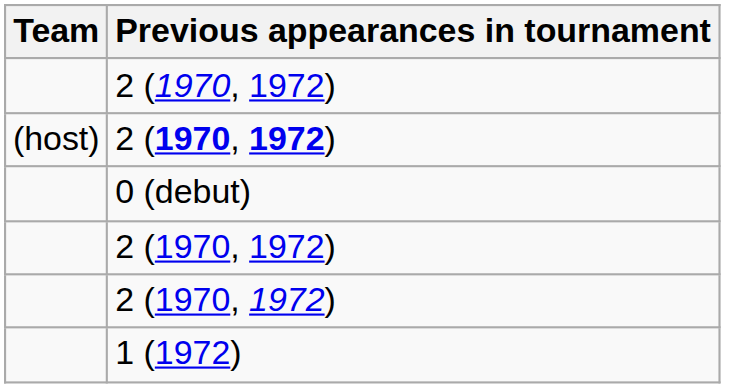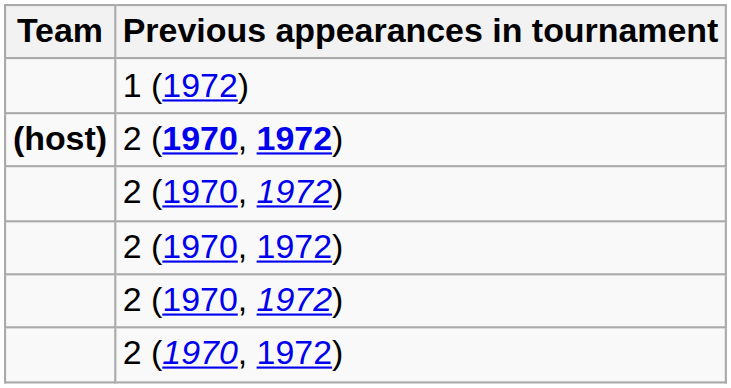 <table class="wikitable sortable">
 <tr>
 <th>Team</th>
 <th data-sort-type="number">Previous appearances in tournament</th>
 </tr>
 <tr>
 <td></td>
-<td>2 (<em><a href='#'>1970</a></em>, <a href='#'>1972</a>)</td>
+<td>1 (<a href='#'>1972</a>)</td>
 </tr>
 <tr>
-<td> (host)</td>
+<td><strong> (host)</strong></td>
 <td>2 (<strong><a href='#'>1970</a></strong>, <strong><a href='#'>1972</a></strong>)</td>
 </tr>
 <tr>
 <td></td>
-<td>0 (debut)</td>
+<td>2 (<a href='#'>1970</a>, <em><a href='#'>1972</a></em>)</td>
 </tr>
 <tr>
 <td></td>
 <td>2 (<a href='#'>1970</a>, <a href='#'>1972</a>)</td>
 </tr>
 <tr>
 <td></td>
 <td>2 (<a href='#'>1970</a>, <em><a href='#'>1972</a></em>)</td>
 </tr>
 <tr>
 <td></td>
-<td>1 (<a href='#'>1972</a>)</td>
+<td>2 (<em><a href='#'>1970</a></em>, <a href='#'>1972</a>)</td>
 </tr>
 </table>
